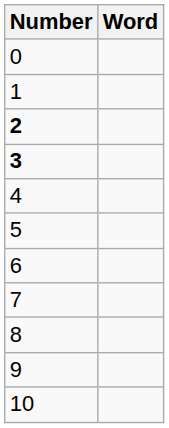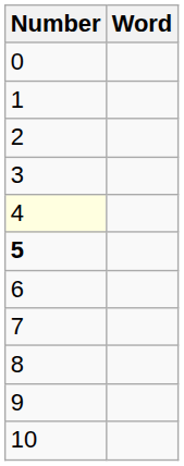 <table class="wikitable">
 <tr>
 <th>Number</th>
 <th>Word</th>
 </tr>
 <tr>
 <td>0</td>
 <td><em></em> </td>
 </tr>
 <tr>
 <td>1</td>
 <td><em></em> </td>
 </tr>
 <tr>
-<td><strong>2</strong></td>
+<td>2</td>
 <td><em></em> </td>
 </tr>
 <tr>
-<td><strong>3</strong></td>
+<td>3</td>
 <td><em></em> </td>
 </tr>
 <tr>
-<td>4</td>
+<td style="background: lightyellow;">4</td>
 <td><em></em> </td>
 </tr>
 <tr>
-<td>5</td>
+<td><strong>5</strong></td>
 <td><em></em> </td>
 </tr>
 <tr>
 <td>6</td>
 <td><em></em> </td>
 </tr>
 <tr>
 <td>7</td>
 <td><em></em> </td>
 </tr>
 <tr>
 <td>8</td>
 <td><em></em> </td>
 </tr>
 <tr>
 <td>9</td>
 <td><em></em> </td>
 </tr>
 <tr>
 <td>10</td>
 <td><em></em> </td>
 </tr>
 </table>
